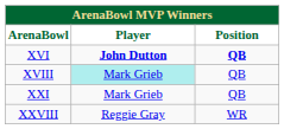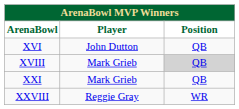 <table class="wikitable sortable" style="text-align:center">
 <tr>
 <td colspan="4" style="background:#063; color:	#ed9;"><strong>ArenaBowl MVP Winners</strong></td>
 </tr>
 <tr>
 <th style="width:50px; background:white; color:#063;">ArenaBowl</th>
 <th style="width:150px; background:white; color:#063;">Player</th>
 <th style="width:100px; background:white; color:#063;">Position</th>
 </tr>
 <tr>
 <td><a href='#'>XVI</a></td>
-<td><strong><a href='#'>John Dutton</a></strong></td>
-<td><strong><a href='#'>QB</a></strong></td>
+<td><a href='#'>John Dutton</a></td>
+<td><a href='#'>QB</a></td>
 </tr>
 <tr>
 <td><a href='#'>XVIII</a></td>
-<td style="background: paleturquoise;"><a href='#'>Mark Grieb</a></td>
-<td><a href='#'>QB</a></td>
+<td><a href='#'>Mark Grieb</a></td>
+<td style="background: lightgrey;"><a href='#'>QB</a></td>
 </tr>
 <tr>
 <td><a href='#'>XXI</a></td>
 <td><a href='#'>Mark Grieb</a></td>
 <td><a href='#'>QB</a></td>
 </tr>
 <tr>
 <td><a href='#'>XXVIII</a></td>
 <td><a href='#'>Reggie Gray</a></td>
 <td><a href='#'>WR</a></td>
 </tr>
 </table>
